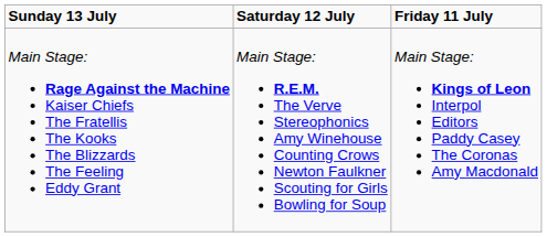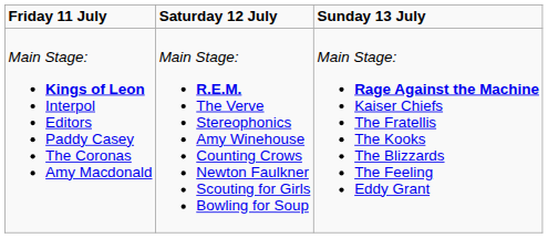 <table class="wikitable">
 <tr>
+<td><strong>Friday 11 July</strong></td>
+<td><strong>Saturday 12 July</strong></td>
 <td><strong>Sunday 13 July</strong></td>
-<td><strong>Saturday 12 July</strong></td>
-<td><strong>Friday 11 July</strong></td>
 </tr>
 <tr valign="top">
+<td><br><em>Main Stage:</em><ul><li><strong><a href='#'>Kings of Leon</a></strong></li><li><a href='#'>Interpol</a></li><li><a href='#'>Editors</a></li><li><a href='#'>Paddy Casey</a></li><li><a href='#'>The Coronas</a></li><li><a href='#'>Amy Macdonald</a></li></ul></td>
+<td><br><em>Main Stage:</em><ul><li><strong><a href='#'>R.E.M.</a></strong></li><li><a href='#'>The Verve</a></li><li><a href='#'>Stereophonics</a></li><li><a href='#'>Amy Winehouse</a></li><li><a href='#'>Counting Crows</a></li><li><a href='#'>Newton Faulkner</a></li><li><a href='#'>Scouting for Girls</a></li><li><a href='#'>Bowling for Soup</a></li></ul></td>
 <td><br><em>Main Stage:</em><ul><li><strong><a href='#'>Rage Against the Machine</a></strong></li><li><a href='#'>Kaiser Chiefs</a></li><li><a href='#'>The Fratellis</a></li><li><a href='#'>The Kooks</a></li><li><a href='#'>The Blizzards</a></li><li><a href='#'>The Feeling</a></li><li><a href='#'>Eddy Grant</a></li></ul></td>
-<td><br><em>Main Stage:</em><ul><li><strong><a href='#'>R.E.M.</a></strong></li><li><a href='#'>The Verve</a></li><li><a href='#'>Stereophonics</a></li><li><a href='#'>Amy Winehouse</a></li><li><a href='#'>Counting Crows</a></li><li><a href='#'>Newton Faulkner</a></li><li><a href='#'>Scouting for Girls</a></li><li><a href='#'>Bowling for Soup</a></li></ul></td>
-<td><br><em>Main Stage:</em><ul><li><strong><a href='#'>Kings of Leon</a></strong></li><li><a href='#'>Interpol</a></li><li><a href='#'>Editors</a></li><li><a href='#'>Paddy Casey</a></li><li><a href='#'>The Coronas</a></li><li><a href='#'>Amy Macdonald</a></li></ul></td>
 </tr>
 </table>
